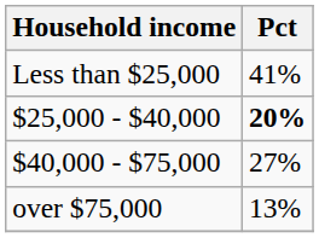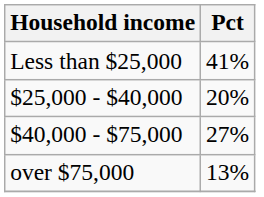 <table class="wikitable">
 <tr>
 <th>Household income</th>
 <th>Pct</th>
 </tr>
 <tr>
 <td>Less than $25,000</td>
 <td>41%</td>
 </tr>
 <tr>
 <td>$25,000 - $40,000</td>
-<td><strong>20%</strong></td>
+<td>20%</td>
 </tr>
 <tr>
 <td>$40,000 - $75,000</td>
 <td>27%</td>
 </tr>
 <tr>
 <td>over $75,000</td>
 <td>13%</td>
 </tr>
 <tr>
 </tr>
 </table>
